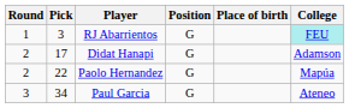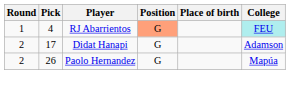 <table class="wikitable sortable sortable" style="text-align:center">
 <tr>
 <th>Round</th>
 <th>Pick</th>
 <th>Player</th>
 <th>Position</th>
 <th>Place of birth</th>
 <th>College</th>
 </tr>
 <tr>
 <td>1</td>
-<td>3</td>
+<td>4</td>
 <td><a href='#'>RJ Abarrientos</a></td>
-<td>G</td>
+<td style="background: lightsalmon;">G</td>
 <td></td>
 <td style="background: paleturquoise;"><a href='#'>FEU</a></td>
 </tr>
 <tr>
 <td>2</td>
 <td>17</td>
 <td><a href='#'>Didat Hanapi</a></td>
 <td>G</td>
 <td></td>
 <td><a href='#'>Adamson</a></td>
 </tr>
 <tr>
 <td>2</td>
-<td>22</td>
+<td>26</td>
 <td><a href='#'>Paolo Hernandez</a></td>
 <td>G</td>
 <td></td>
 <td><a href='#'>Mapúa</a></td>
 </tr>
-<tr>
-<td>3</td>
-<td>34</td>
-<td><a href='#'>Paul Garcia</a></td>
-<td>G</td>
-<td></td>
-<td><a href='#'>Ateneo</a></td>
-</tr>
 </table>
